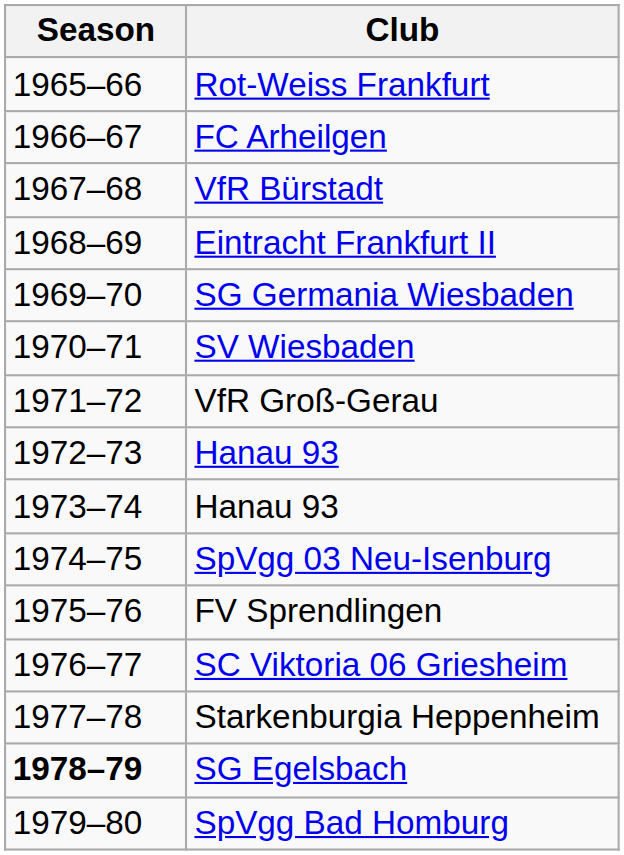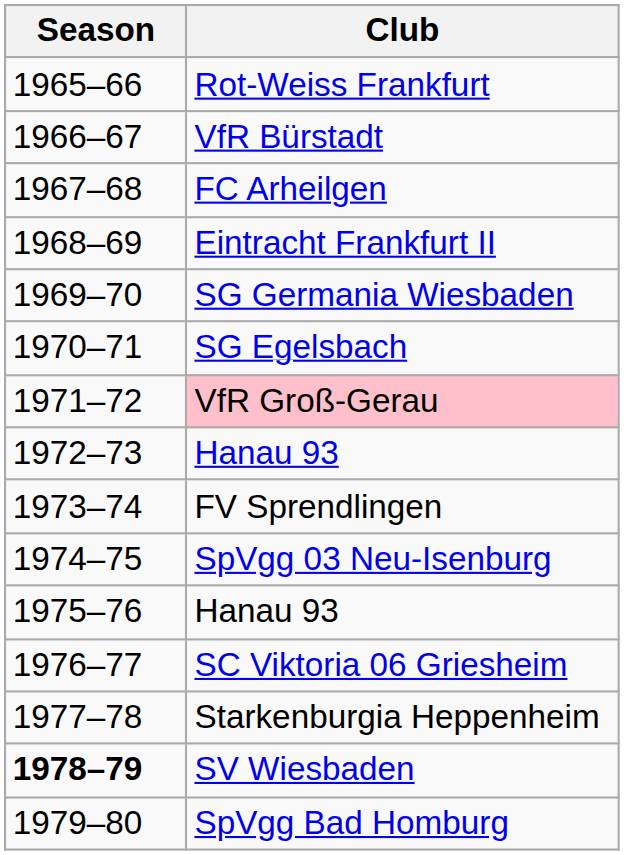 <table class="wikitable">
 <tr align="center" bgcolor="#dfdfdf">
 <th width="80">Season</th>
 <th width="200">Club</th>
 </tr>
 <tr>
 <td>1965–66</td>
 <td><a href='#'>Rot-Weiss Frankfurt</a></td>
 </tr>
 <tr>
 <td>1966–67</td>
-<td><a href='#'>FC Arheilgen</a></td>
+<td><a href='#'>VfR Bürstadt</a></td>
 </tr>
 <tr>
 <td>1967–68</td>
-<td><a href='#'>VfR Bürstadt</a></td>
+<td><a href='#'>FC Arheilgen</a></td>
 </tr>
 <tr>
 <td>1968–69</td>
 <td><a href='#'>Eintracht Frankfurt II</a></td>
 </tr>
 <tr>
 <td>1969–70</td>
 <td><a href='#'>SG Germania Wiesbaden</a></td>
 </tr>
 <tr>
 <td>1970–71</td>
-<td><a href='#'>SV Wiesbaden</a></td>
+<td><a href='#'>SG Egelsbach</a></td>
 </tr>
 <tr>
 <td>1971–72</td>
-<td>VfR Groß-Gerau</td>
+<td style="background: pink;">VfR Groß-Gerau</td>
 </tr>
 <tr>
 <td>1972–73</td>
 <td><a href='#'>Hanau 93</a></td>
 </tr>
 <tr>
 <td>1973–74</td>
-<td>Hanau 93</td>
+<td>FV Sprendlingen</td>
 </tr>
 <tr>
 <td>1974–75</td>
 <td><a href='#'>SpVgg 03 Neu-Isenburg</a></td>
 </tr>
 <tr>
 <td>1975–76</td>
-<td>FV Sprendlingen</td>
+<td>Hanau 93</td>
 </tr>
 <tr>
 <td>1976–77</td>
 <td><a href='#'>SC Viktoria 06 Griesheim</a></td>
 </tr>
 <tr>
 <td>1977–78</td>
 <td>Starkenburgia Heppenheim</td>
 </tr>
 <tr>
 <td><strong>1978–79</strong></td>
-<td><a href='#'>SG Egelsbach</a></td>
+<td><a href='#'>SV Wiesbaden</a></td>
 </tr>
 <tr>
 <td>1979–80</td>
 <td><a href='#'>SpVgg Bad Homburg</a></td>
 </tr>
 </table>
